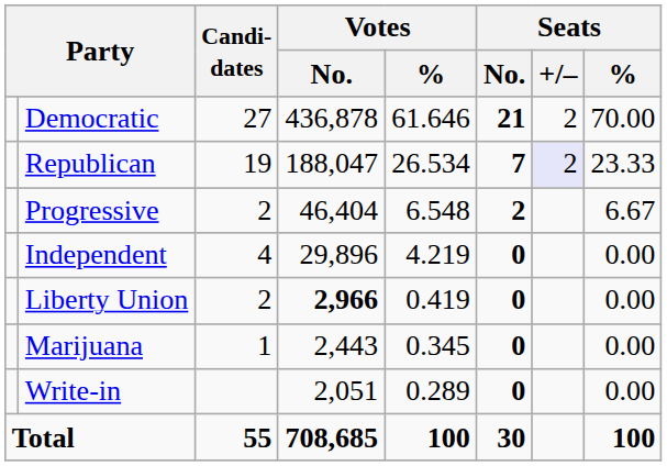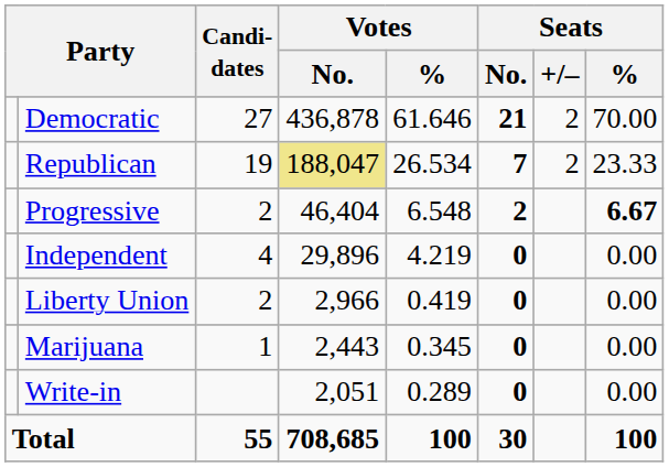 <table class="wikitable" style="font-size:100%; text-align:right;">
 <tr>
 <th colspan=2 rowspan=2>Party</th>
 <th rowspan=2><small>Candi-<br>dates</small></th>
 <th colspan=2>Votes</th>
 <th colspan=3>Seats</th>
 </tr>
 <tr>
 <th>No.</th>
 <th>%</th>
 <th>No.</th>
 <th>+/–</th>
 <th>%</th>
 </tr>
 <tr>
 <td style="background:"></td>
 <td align=left><a href='#'>Democratic</a></td>
 <td>27</td>
 <td>436,878</td>
 <td>61.646</td>
 <td><strong>21</strong></td>
 <td>2</td>
 <td>70.00</td>
 </tr>
 <tr>
 <td style="background:"></td>
 <td align=left><a href='#'>Republican</a></td>
 <td>19</td>
-<td>188,047</td>
+<td style="background: khaki;">188,047</td>
 <td>26.534</td>
 <td><strong>7</strong></td>
-<td style="background: lavender;">2</td>
+<td>2</td>
 <td>23.33</td>
 </tr>
 <tr>
 <td style="background:"></td>
 <td align=left><a href='#'>Progressive</a></td>
 <td>2</td>
 <td>46,404</td>
 <td>6.548</td>
 <td><strong>2</strong></td>
 <td></td>
-<td>6.67</td>
+<td><strong>6.67</strong></td>
 </tr>
 <tr>
 <td style="background:"></td>
 <td align=left><a href='#'>Independent</a></td>
 <td>4</td>
 <td>29,896</td>
 <td>4.219</td>
 <td><strong>0</strong></td>
 <td></td>
 <td>0.00</td>
 </tr>
 <tr>
 <td style="background:"></td>
 <td align=left><a href='#'>Liberty Union</a></td>
 <td>2</td>
-<td><strong>2,966</strong></td>
+<td>2,966</td>
 <td>0.419</td>
 <td><strong>0</strong></td>
 <td></td>
 <td>0.00</td>
 </tr>
 <tr>
 <td style="background:"></td>
 <td align=left><a href='#'>Marijuana</a></td>
 <td>1</td>
 <td>2,443</td>
 <td>0.345</td>
 <td><strong>0</strong></td>
 <td></td>
 <td>0.00</td>
 </tr>
 <tr>
 <td style="background:"></td>
 <td align=left><a href='#'>Write-in</a></td>
 <td></td>
 <td>2,051</td>
 <td>0.289</td>
 <td><strong>0</strong></td>
 <td></td>
 <td>0.00</td>
 </tr>
 <tr style="font-weight:bold">
 <td colspan=2 align=left>Total</td>
 <td>55</td>
 <td>708,685</td>
 <td>100</td>
 <td>30</td>
 <td></td>
 <td>100</td>
 </tr>
 </table>
